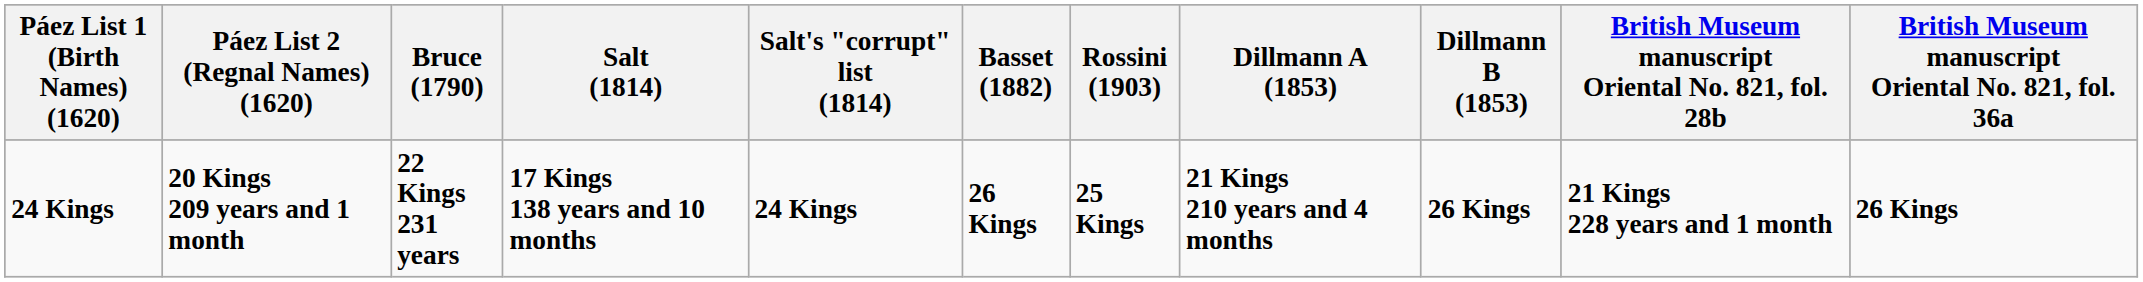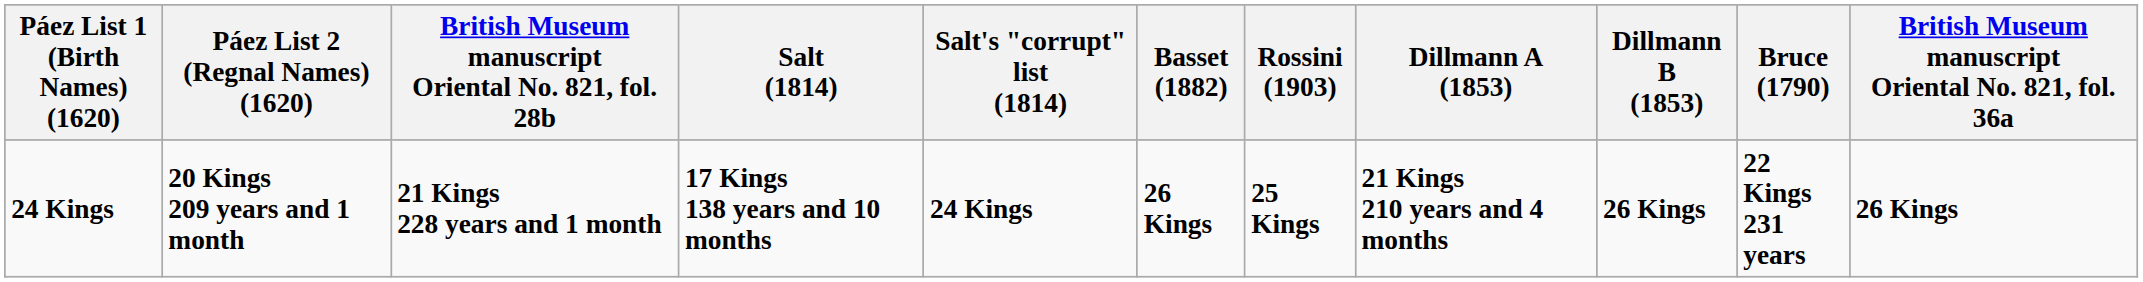 <table class="wikitable">
 <tr>
 <th>Páez List 1<br>(Birth Names)<br>(1620)</th>
 <th>Páez List 2<br>(Regnal Names)<br>(1620)</th>
-<th>Bruce<br>(1790)</th>
+<th><a href='#'>British Museum</a> manuscript<br>Oriental No. 821, fol. 28b</th>
 <th>Salt<br>(1814)</th>
 <th>Salt's "corrupt" list<br>(1814)</th>
 <th>Basset<br>(1882)</th>
 <th>Rossini<br>(1903)</th>
 <th>Dillmann A<br>(1853)</th>
 <th>Dillmann B<br>(1853)</th>
-<th><a href='#'>British Museum</a> manuscript<br>Oriental No. 821, fol. 28b</th>
+<th>Bruce<br>(1790)</th>
 <th><a href='#'>British Museum</a> manuscript<br>Oriental No. 821, fol. 36a</th>
 </tr>
 <tr>
 <td><strong>24 Kings</strong></td>
 <td><strong>20 Kings<br>209 years and 1 month</strong></td>
-<td><strong>22 Kings<br>231 years</strong></td>
+<td><strong>21 Kings<br>228 years and 1 month</strong></td>
 <td><strong>17 Kings<br>138 years and 10 months</strong></td>
 <td><strong>24 Kings</strong></td>
 <td><strong>26 Kings</strong></td>
 <td><strong>25 Kings</strong></td>
 <td><strong>21 Kings<br>210 years and 4 months</strong></td>
 <td><strong>26 Kings</strong></td>
-<td><strong>21 Kings<br>228 years and 1 month</strong></td>
+<td><strong>22 Kings<br>231 years</strong></td>
 <td><strong>26 Kings</strong></td>
 </tr>
 </table>
